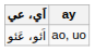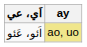 <table class="wikitable">
 <tr>
 <th>اَي، عي</th>
 <th>ay</th>
 </tr>
 <tr>
 <td>اَئو، عَئو</td>
-<td>ao, uo</td>
+<td style="background: khaki;">ao, uo</td>
 </tr>
 </table>
